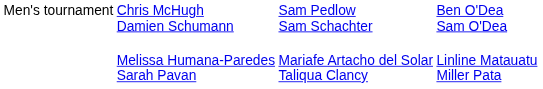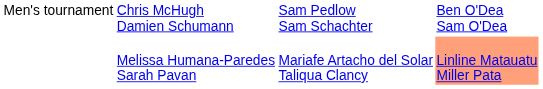 <table>
 <tr>
 <td>Men's tournament<br></td>
 <td><br><a href='#'>Chris McHugh</a><br><a href='#'>Damien Schumann</a></td>
 <td><br><a href='#'>Sam Pedlow</a><br><a href='#'>Sam Schachter</a></td>
 <td><br><a href='#'>Ben O'Dea</a><br><a href='#'>Sam O'Dea</a></td>
 </tr>
 <tr>
 <td><br></td>
 <td><br><a href='#'>Melissa Humana-Paredes</a><br><a href='#'>Sarah Pavan</a></td>
 <td><br><a href='#'>Mariafe Artacho del Solar</a><br><a href='#'>Taliqua Clancy</a></td>
-<td><br><a href='#'>Linline Matauatu</a><br><a href='#'>Miller Pata</a></td>
+<td style="background: lightsalmon;"><br><a href='#'>Linline Matauatu</a><br><a href='#'>Miller Pata</a></td>
 </tr>
 </table>
